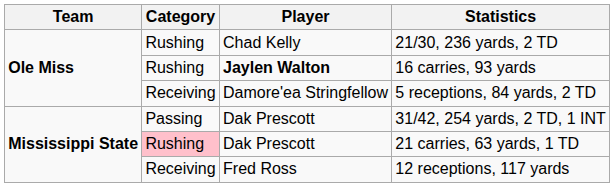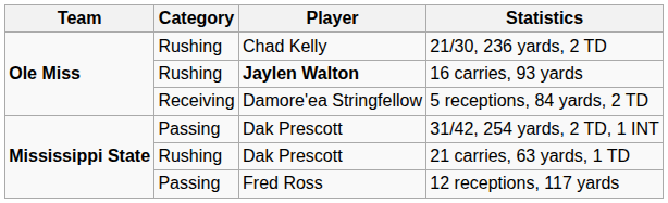 <table class="wikitable" style="float: right;">
 <tr>
 <th>Team</th>
 <th>Category</th>
 <th>Player</th>
 <th>Statistics</th>
 </tr>
 <tr>
 <td rowspan=3><strong>Ole Miss</strong></td>
 <td>Rushing</td>
 <td>Chad Kelly</td>
 <td>21/30, 236 yards, 2 TD</td>
 </tr>
 <tr>
 <td>Rushing</td>
 <td><strong>Jaylen Walton</strong></td>
 <td>16 carries, 93 yards</td>
 </tr>
 <tr>
 <td>Receiving</td>
 <td>Damore'ea Stringfellow</td>
 <td>5 receptions, 84 yards, 2 TD</td>
 </tr>
 <tr>
 <td rowspan=3><strong>Mississippi State</strong></td>
 <td>Passing</td>
 <td>Dak Prescott</td>
 <td>31/42, 254 yards, 2 TD, 1 INT</td>
 </tr>
 <tr>
-<td style="background: pink;">Rushing</td>
+<td>Rushing</td>
 <td>Dak Prescott</td>
 <td>21 carries, 63 yards, 1 TD</td>
 </tr>
 <tr>
-<td>Receiving</td>
+<td>Passing</td>
 <td>Fred Ross</td>
 <td>12 receptions, 117 yards</td>
 </tr>
 </table>
